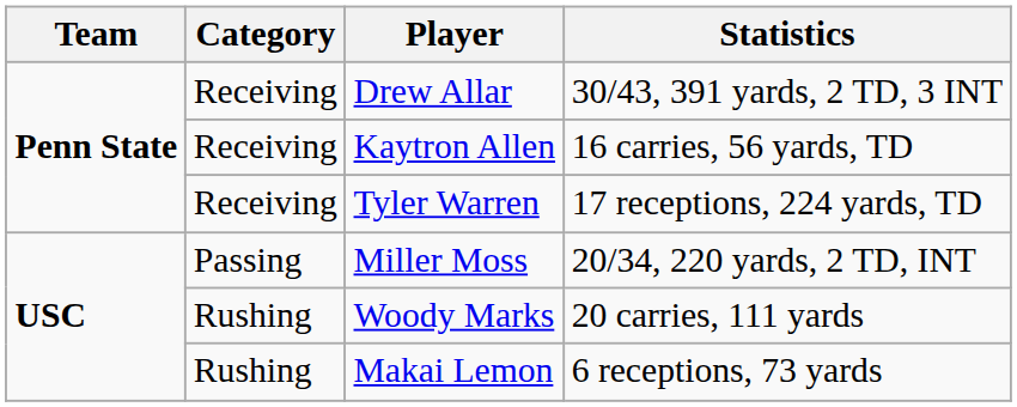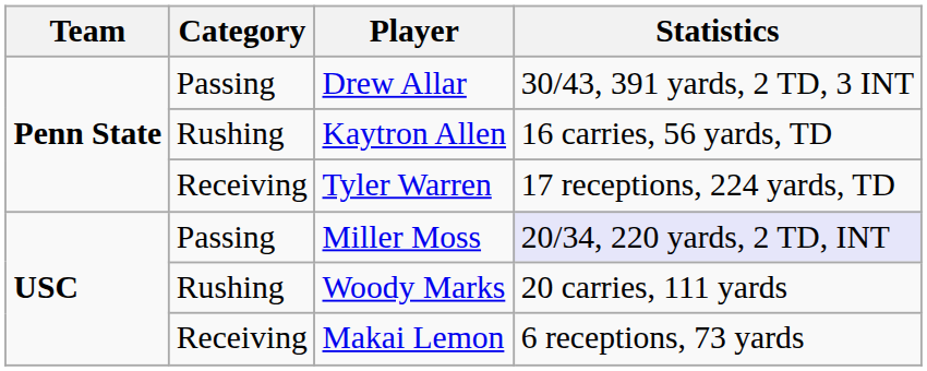 <table class="wikitable" style="float: right;">
 <tr>
 <th>Team</th>
 <th>Category</th>
 <th>Player</th>
 <th>Statistics</th>
 </tr>
 <tr>
 <td rowspan=3><strong>Penn State</strong></td>
-<td>Receiving</td>
+<td>Passing</td>
 <td><a href='#'>Drew Allar</a></td>
 <td>30/43, 391 yards, 2 TD, 3 INT</td>
 </tr>
 <tr>
-<td>Receiving</td>
+<td>Rushing</td>
 <td><a href='#'>Kaytron Allen</a></td>
 <td>16 carries, 56 yards, TD</td>
 </tr>
 <tr>
 <td>Receiving</td>
 <td><a href='#'>Tyler Warren</a></td>
 <td>17 receptions, 224 yards, TD</td>
 </tr>
 <tr>
 <td rowspan=3><strong>USC</strong></td>
 <td>Passing</td>
 <td><a href='#'>Miller Moss</a></td>
-<td>20/34, 220 yards, 2 TD, INT</td>
+<td style="background: lavender;">20/34, 220 yards, 2 TD, INT</td>
 </tr>
 <tr>
 <td>Rushing</td>
 <td><a href='#'>Woody Marks</a></td>
 <td>20 carries, 111 yards</td>
 </tr>
 <tr>
-<td>Rushing</td>
+<td>Receiving</td>
 <td><a href='#'>Makai Lemon</a></td>
 <td>6 receptions, 73 yards</td>
 </tr>
 </table>
